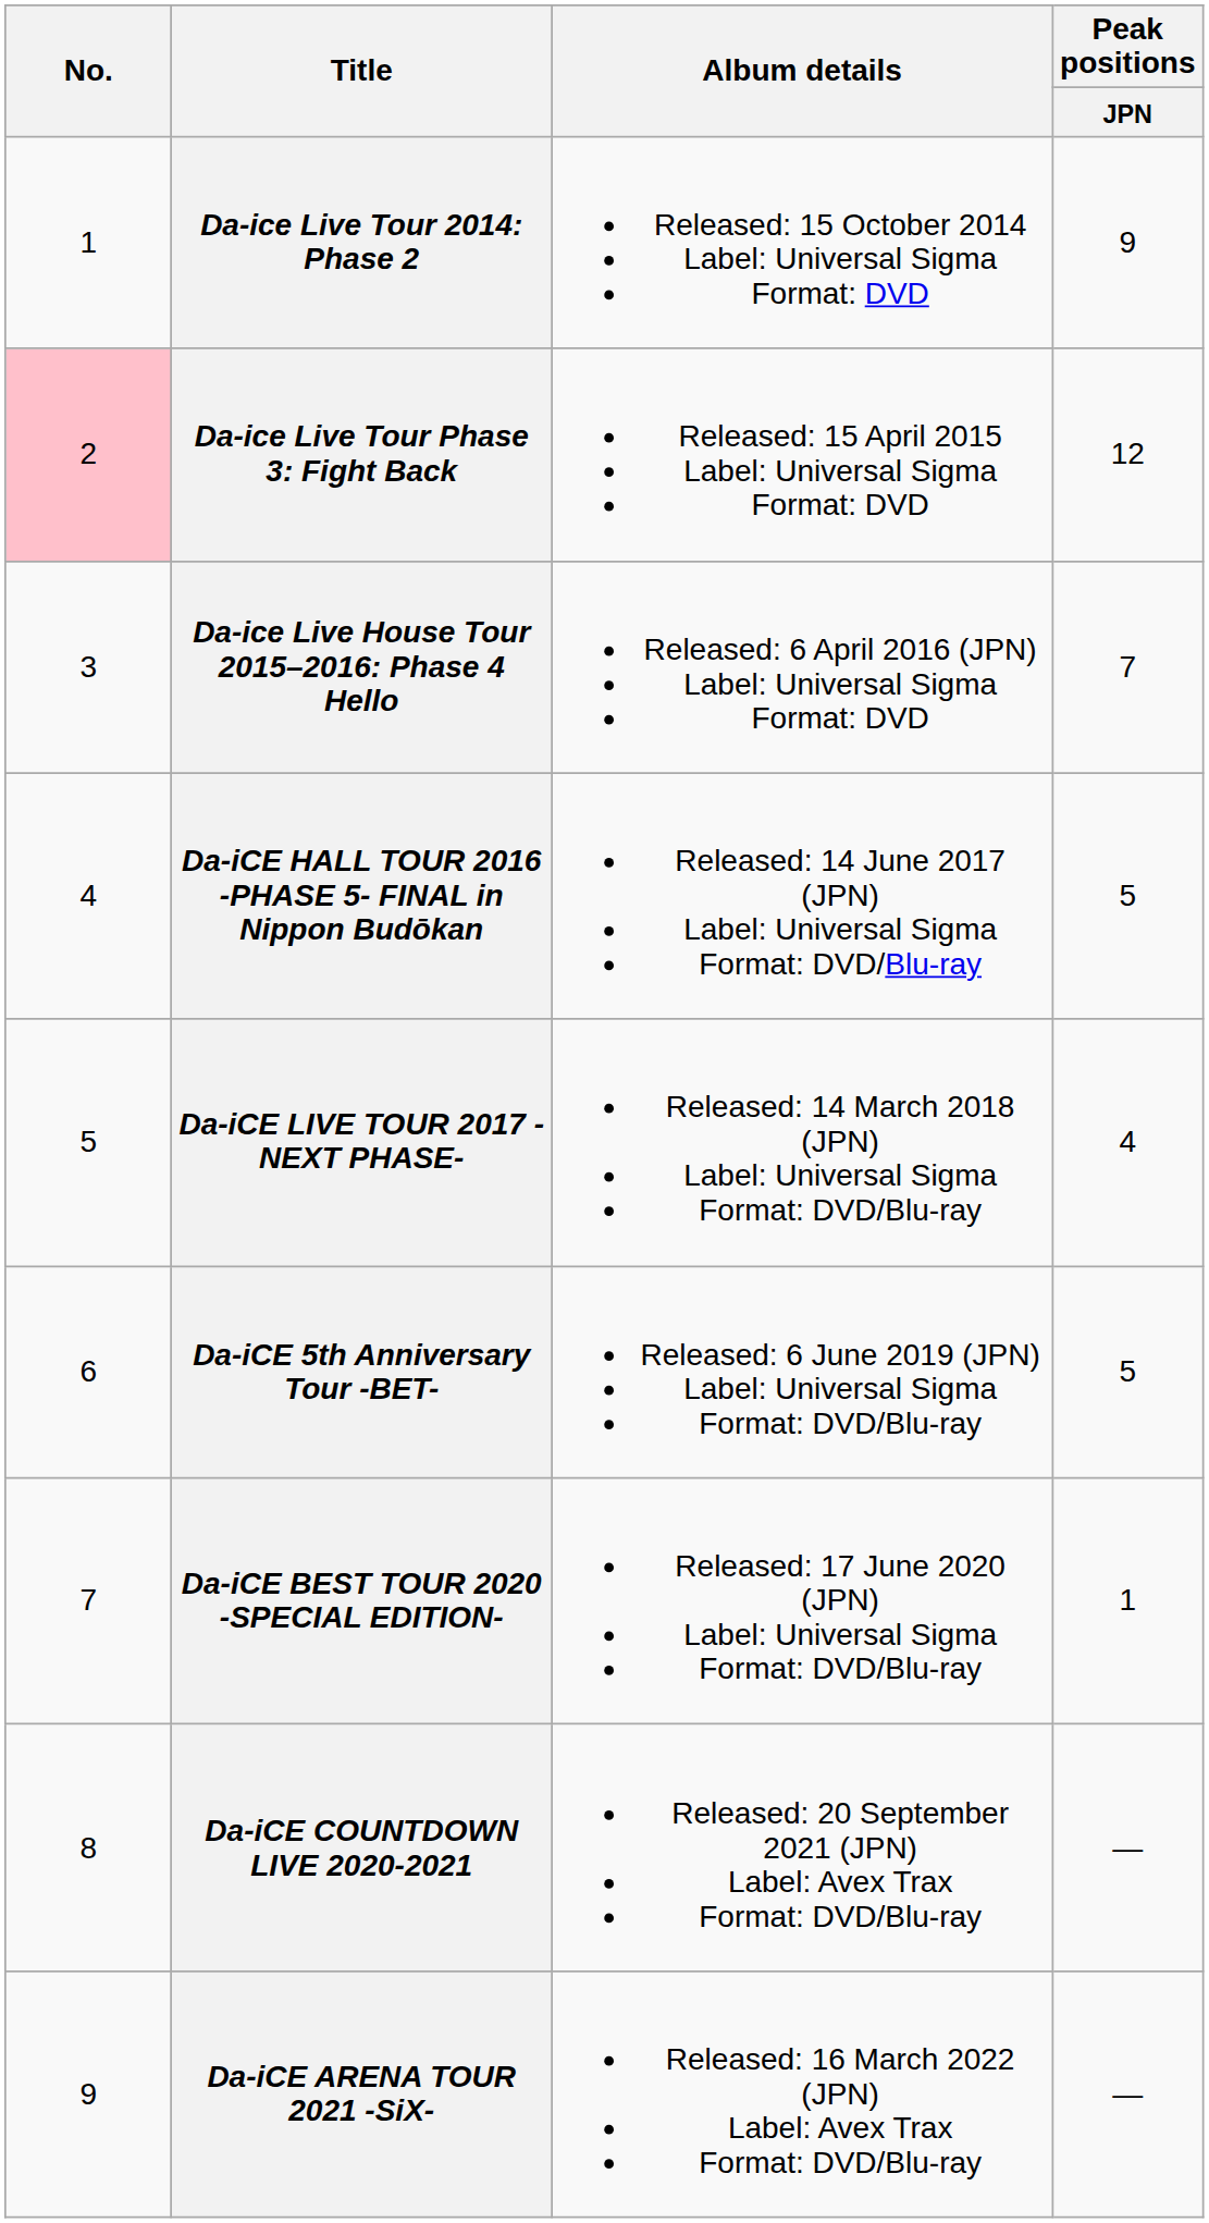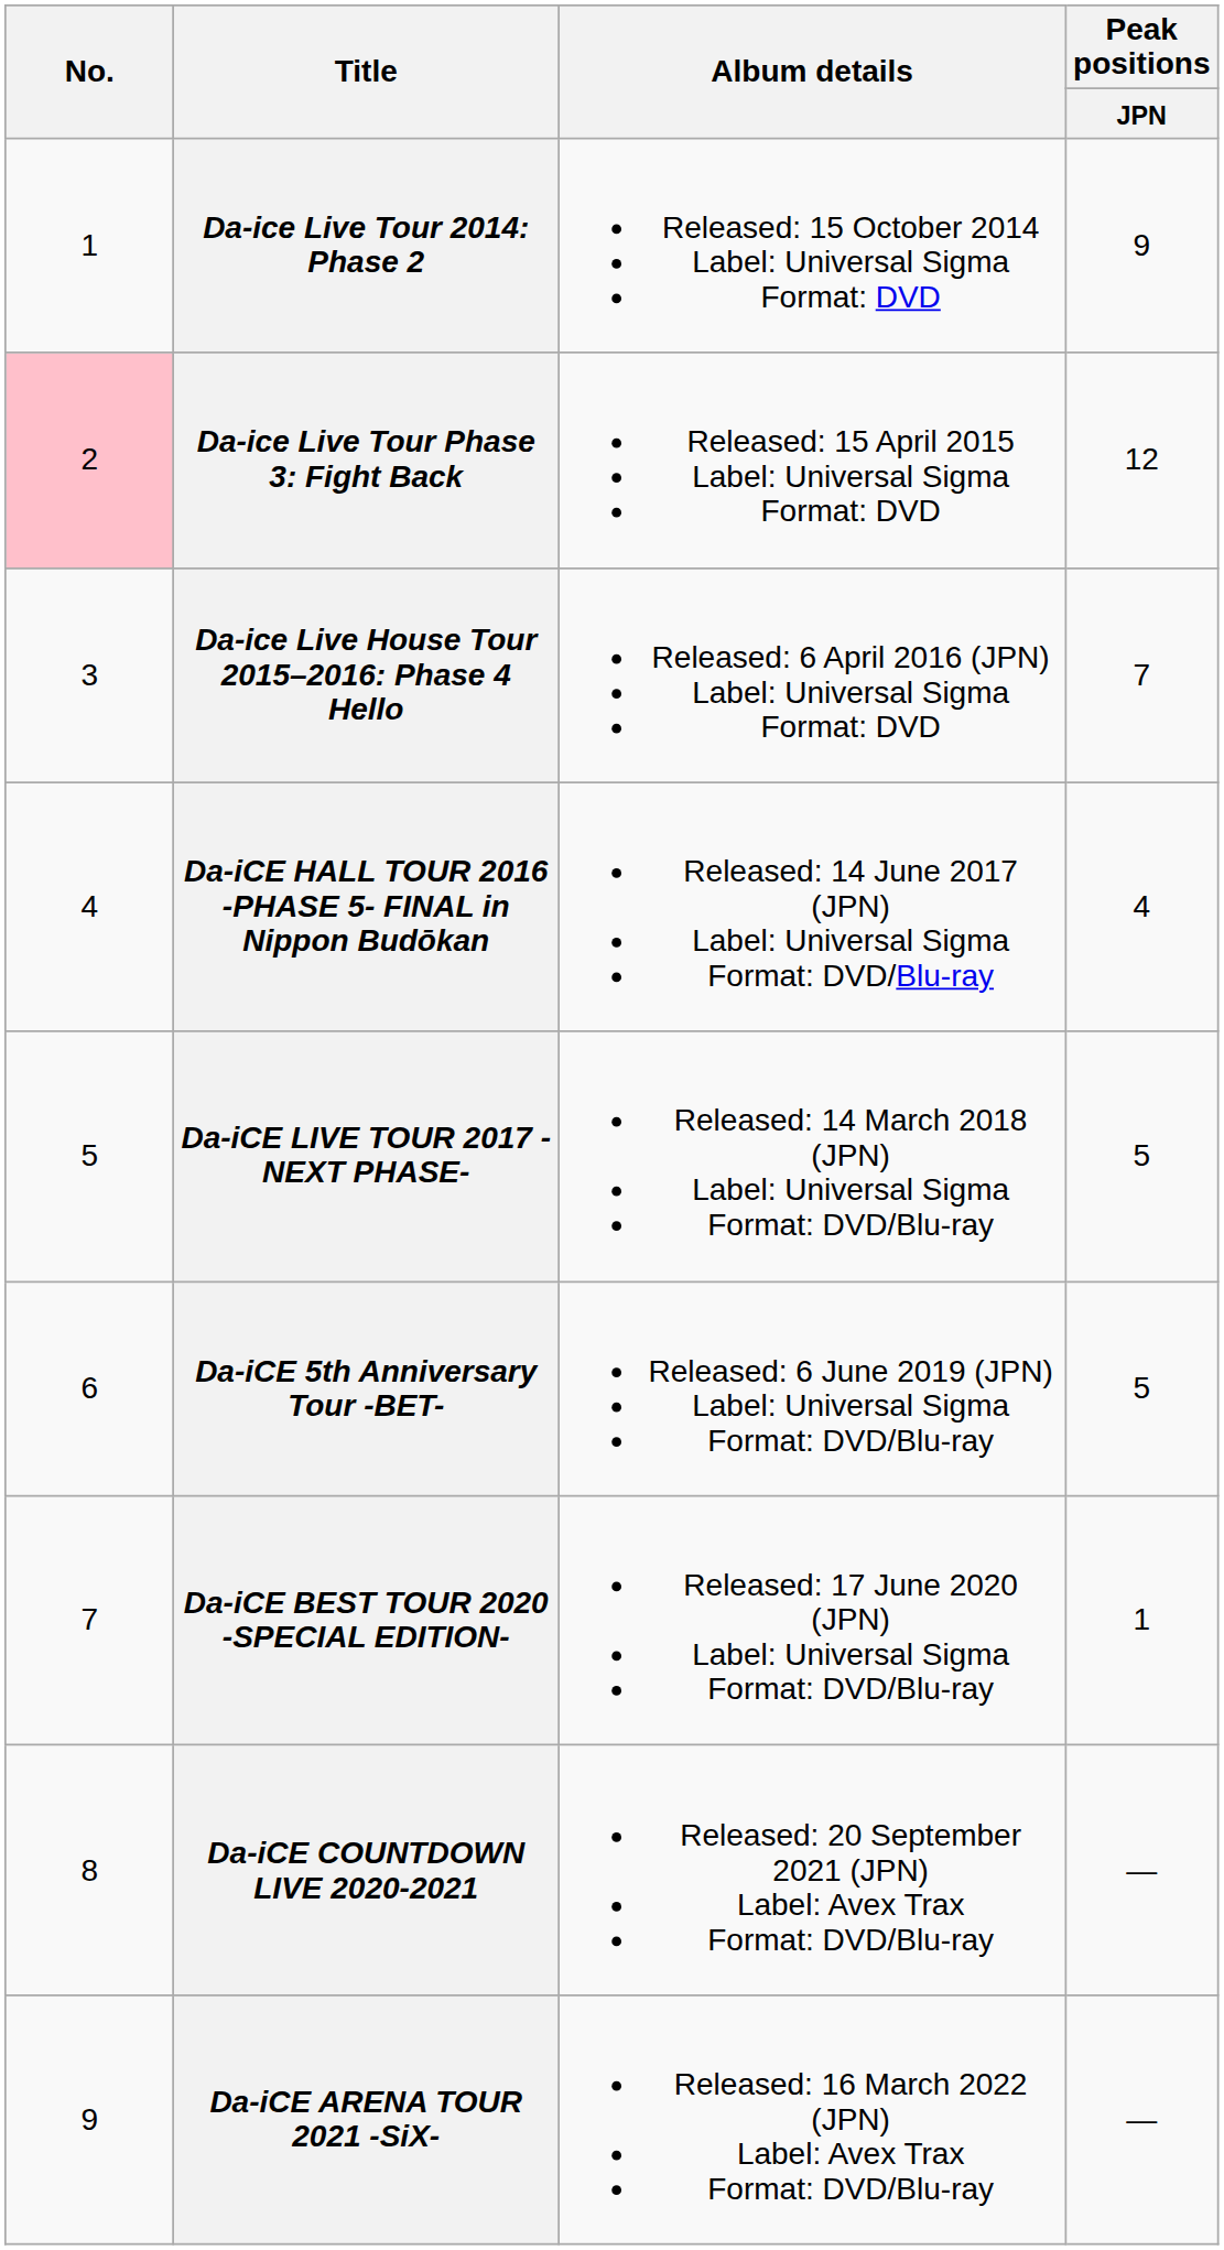 <table class="wikitable plainrowheaders" style="text-align:center;">
 <tr>
 <th style="width:5em;" rowspan="2">No.</th>
 <th style="width:12em;" rowspan="2">Title</th>
 <th style="width:16em;" rowspan="2">Album details</th>
 <th colspan="1">Peak positions</th>
 </tr>
 <tr>
 <th style="width:2.5em;"><small>JPN</small><br></th>
 </tr>
 <tr>
 <td>1</td>
 <th scope="row"><em>Da-ice Live Tour 2014: Phase 2</em></th>
 <td><br><ul><li>Released: 15 October 2014 </li><li>Label: Universal Sigma</li><li>Format: <a href='#'>DVD</a></li></ul></td>
 <td>9</td>
 </tr>
 <tr>
 <td style="background: pink;">2</td>
 <th scope="row"><em>Da-ice Live Tour Phase 3: Fight Back</em></th>
 <td><br><ul><li>Released: 15 April 2015 </li><li>Label: Universal Sigma</li><li>Format: DVD</li></ul></td>
 <td>12</td>
 </tr>
 <tr>
 <td>3</td>
 <th scope="row"><em>Da-ice Live House Tour 2015–2016: Phase 4 Hello</em></th>
 <td><br><ul><li>Released: 6 April 2016 (JPN)</li><li>Label: Universal Sigma</li><li>Format: DVD</li></ul></td>
 <td>7</td>
 </tr>
 <tr>
 <td>4</td>
 <th scope="row"><em>Da-iCE HALL TOUR 2016 -PHASE 5- FINAL in Nippon Budōkan</em></th>
 <td><br><ul><li>Released: 14 June 2017 (JPN)</li><li>Label: Universal Sigma</li><li>Format: DVD/<a href='#'>Blu-ray</a></li></ul></td>
-<td>5</td>
+<td>4</td>
 </tr>
 <tr>
 <td>5</td>
 <th scope="row"><em>Da-iCE LIVE TOUR 2017 -NEXT PHASE-</em></th>
 <td><br><ul><li>Released: 14 March 2018 (JPN)</li><li>Label: Universal Sigma</li><li>Format: DVD/Blu-ray</li></ul></td>
-<td>4</td>
+<td>5</td>
 </tr>
 <tr>
 <td>6</td>
 <th scope="row"><em>Da-iCE 5th Anniversary Tour -BET-</em></th>
 <td><br><ul><li>Released: 6 June 2019 (JPN)</li><li>Label: Universal Sigma</li><li>Format: DVD/Blu-ray</li></ul></td>
 <td>5</td>
 </tr>
 <tr>
 <td>7</td>
 <th scope="row"><em>Da-iCE BEST TOUR 2020 -SPECIAL EDITION-</em></th>
 <td><br><ul><li>Released: 17 June 2020 (JPN)</li><li>Label: Universal Sigma</li><li>Format: DVD/Blu-ray</li></ul></td>
 <td>1</td>
 </tr>
 <tr>
 <td>8</td>
 <th scope="row"><em>Da-iCE COUNTDOWN LIVE 2020-2021</em></th>
 <td><br><ul><li>Released: 20 September 2021 (JPN)</li><li>Label: Avex Trax</li><li>Format: DVD/Blu-ray</li></ul></td>
 <td>—</td>
 </tr>
 <tr>
 <td>9</td>
 <th scope="row"><em>Da-iCE ARENA TOUR 2021 -SiX-</em></th>
 <td><br><ul><li>Released: 16 March 2022 (JPN)</li><li>Label: Avex Trax</li><li>Format: DVD/Blu-ray</li></ul></td>
 <td>—</td>
 </tr>
 </table>
